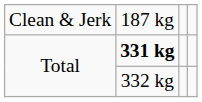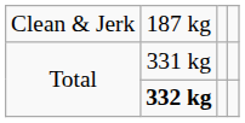 <table class = "wikitable" style="text-align:center;">
 <tr>
 <td>Clean & Jerk</td>
 <td>187 kg</td>
 <td align=left></td>
 <td></td>
 </tr>
 <tr>
 <td rowspan=2>Total</td>
-<td><strong>331 kg</strong></td>
+<td>331 kg</td>
 <td align=left></td>
 <td></td>
 </tr>
 <tr>
-<td>332 kg</td>
+<td><strong>332 kg</strong></td>
 <td align=left></td>
 <td></td>
 </tr>
 </table>
